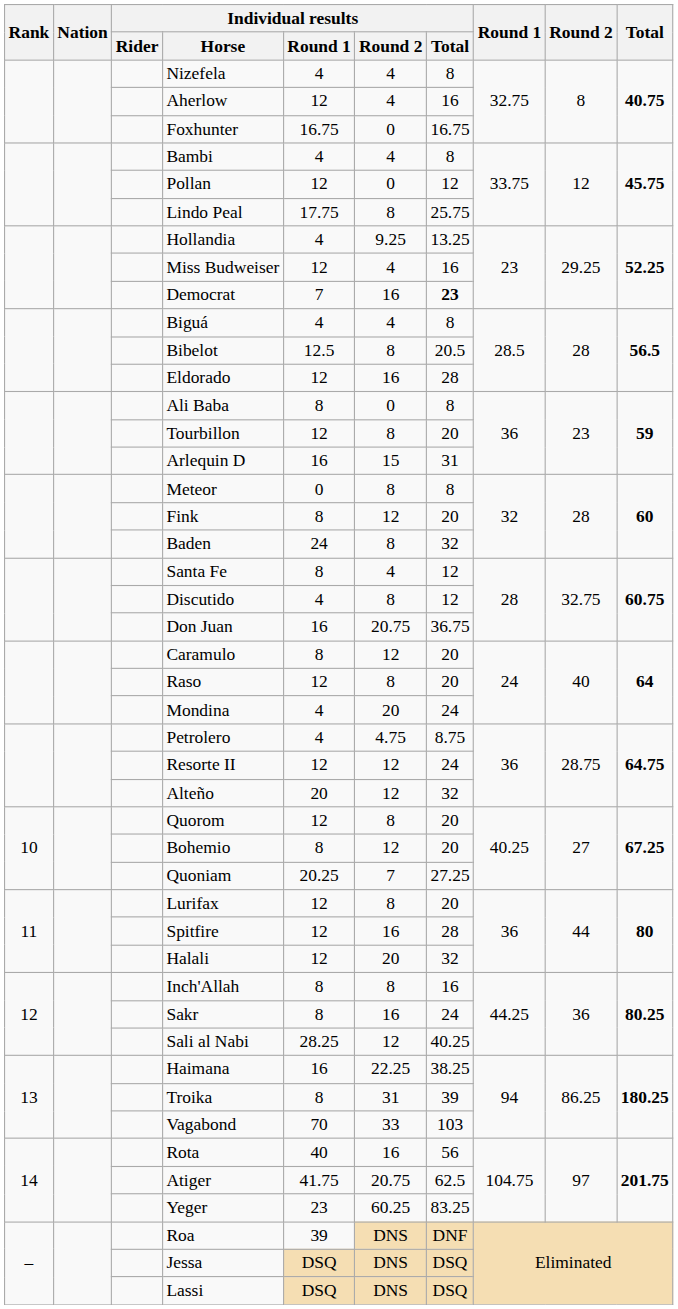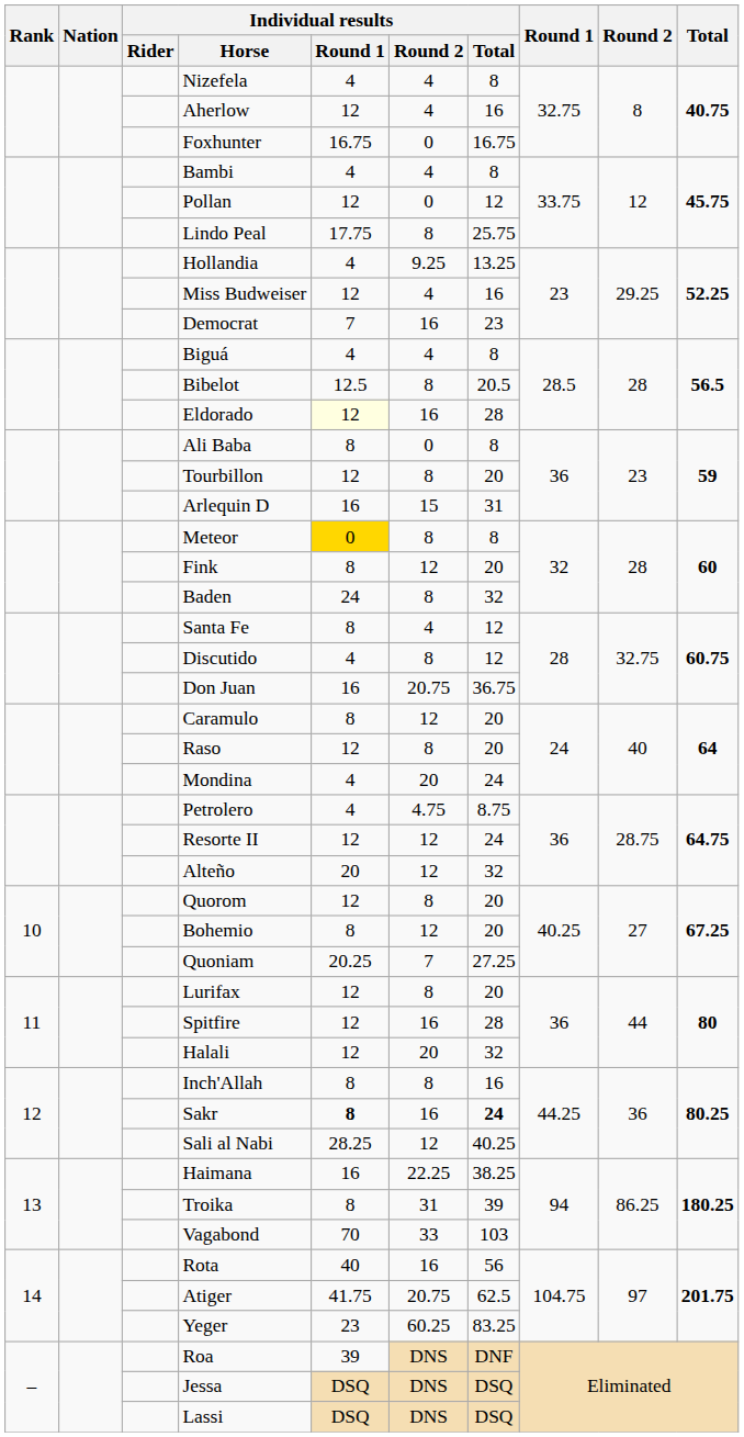 <table class="wikitable sortable" style="text-align:center">
 <tr>
 <th rowspan=2>Rank</th>
 <th rowspan=2>Nation</th>
 <th colspan=5>Individual results</th>
 <th rowspan=2>Round 1</th>
 <th rowspan=2>Round 2</th>
 <th rowspan=2>Total</th>
 </tr>
 <tr>
 <th>Rider</th>
 <th>Horse</th>
 <th>Round 1</th>
 <th>Round 2</th>
 <th>Total</th>
 </tr>
 <tr>
 <td rowspan=3></td>
 <td rowspan=3 align=left></td>
 <td align=left></td>
 <td align=left>Nizefela</td>
 <td>4</td>
 <td>4</td>
 <td>8</td>
 <td rowspan=3>32.75</td>
 <td rowspan=3>8</td>
 <td rowspan=3><strong>40.75</strong></td>
 </tr>
 <tr>
 <td align=left></td>
 <td align=left>Aherlow</td>
 <td>12</td>
 <td>4</td>
 <td>16</td>
 </tr>
 <tr>
 <td align=left></td>
 <td align=left>Foxhunter</td>
 <td>16.75</td>
 <td>0</td>
 <td>16.75</td>
 </tr>
 <tr>
 <td rowspan=3></td>
 <td rowspan=3 align=left></td>
 <td align=left></td>
 <td align=left>Bambi</td>
 <td>4</td>
 <td>4</td>
 <td>8</td>
 <td rowspan=3>33.75</td>
 <td rowspan=3>12</td>
 <td rowspan=3><strong>45.75</strong></td>
 </tr>
 <tr>
 <td align=left></td>
 <td align=left>Pollan</td>
 <td>12</td>
 <td>0</td>
 <td>12</td>
 </tr>
 <tr>
 <td align=left></td>
 <td align=left>Lindo Peal</td>
 <td>17.75</td>
 <td>8</td>
 <td>25.75</td>
 </tr>
 <tr>
 <td rowspan=3></td>
 <td rowspan=3 align=left></td>
 <td align=left></td>
 <td align=left>Hollandia</td>
 <td>4</td>
 <td>9.25</td>
 <td>13.25</td>
 <td rowspan=3>23</td>
 <td rowspan=3>29.25</td>
 <td rowspan=3><strong>52.25</strong></td>
 </tr>
 <tr>
 <td align=left></td>
 <td align=left>Miss Budweiser</td>
 <td>12</td>
 <td>4</td>
 <td>16</td>
 </tr>
 <tr>
 <td align=left></td>
 <td align=left>Democrat</td>
 <td>7</td>
 <td>16</td>
-<td><strong>23</strong></td>
+<td>23</td>
 </tr>
 <tr>
 <td rowspan=3></td>
 <td rowspan=3 align=left></td>
 <td align=left></td>
 <td align=left>Biguá</td>
 <td>4</td>
 <td>4</td>
 <td>8</td>
 <td rowspan=3>28.5</td>
 <td rowspan=3>28</td>
 <td rowspan=3><strong>56.5</strong></td>
 </tr>
 <tr>
 <td align=left></td>
 <td align=left>Bibelot</td>
 <td>12.5</td>
 <td>8</td>
 <td>20.5</td>
 </tr>
 <tr>
 <td align=left></td>
 <td align=left>Eldorado</td>
-<td>12</td>
+<td style="background: lightyellow;">12</td>
 <td>16</td>
 <td>28</td>
 </tr>
 <tr>
 <td rowspan=3></td>
 <td rowspan=3 align=left></td>
 <td align=left></td>
 <td align=left>Ali Baba</td>
 <td>8</td>
 <td>0</td>
 <td>8</td>
 <td rowspan=3>36</td>
 <td rowspan=3>23</td>
 <td rowspan=3><strong>59</strong></td>
 </tr>
 <tr>
 <td align=left></td>
 <td align=left>Tourbillon</td>
 <td>12</td>
 <td>8</td>
 <td>20</td>
 </tr>
 <tr>
 <td align=left></td>
 <td align=left>Arlequin D</td>
 <td>16</td>
 <td>15</td>
 <td>31</td>
 </tr>
 <tr>
 <td rowspan=3></td>
 <td rowspan=3 align=left></td>
 <td align=left></td>
 <td align=left>Meteor</td>
-<td>0</td>
+<td style="background: gold;">0</td>
 <td>8</td>
 <td>8</td>
 <td rowspan=3>32</td>
 <td rowspan=3>28</td>
 <td rowspan=3><strong>60</strong></td>
 </tr>
 <tr>
 <td align=left></td>
 <td align=left>Fink</td>
 <td>8</td>
 <td>12</td>
 <td>20</td>
 </tr>
 <tr>
 <td align=left></td>
 <td align=left>Baden</td>
 <td>24</td>
 <td>8</td>
 <td>32</td>
 </tr>
 <tr>
 <td rowspan=3></td>
 <td rowspan=3 align=left></td>
 <td align=left></td>
 <td align=left>Santa Fe</td>
 <td>8</td>
 <td>4</td>
 <td>12</td>
 <td rowspan=3>28</td>
 <td rowspan=3>32.75</td>
 <td rowspan=3><strong>60.75</strong></td>
 </tr>
 <tr>
 <td align=left></td>
 <td align=left>Discutido</td>
 <td>4</td>
 <td>8</td>
 <td>12</td>
 </tr>
 <tr>
 <td align=left></td>
 <td align=left>Don Juan</td>
 <td>16</td>
 <td>20.75</td>
 <td>36.75</td>
 </tr>
 <tr>
 <td rowspan=3></td>
 <td rowspan=3 align=left></td>
 <td align=left></td>
 <td align=left>Caramulo</td>
 <td>8</td>
 <td>12</td>
 <td>20</td>
 <td rowspan=3>24</td>
 <td rowspan=3>40</td>
 <td rowspan=3><strong>64</strong></td>
 </tr>
 <tr>
 <td align=left></td>
 <td align=left>Raso</td>
 <td>12</td>
 <td>8</td>
 <td>20</td>
 </tr>
 <tr>
 <td align=left></td>
 <td align=left>Mondina</td>
 <td>4</td>
 <td>20</td>
 <td>24</td>
 </tr>
 <tr>
 <td rowspan=3></td>
 <td rowspan=3 align=left></td>
 <td align=left></td>
 <td align=left>Petrolero</td>
 <td>4</td>
 <td>4.75</td>
 <td>8.75</td>
 <td rowspan=3>36</td>
 <td rowspan=3>28.75</td>
 <td rowspan=3><strong>64.75</strong></td>
 </tr>
 <tr>
 <td align=left></td>
 <td align=left>Resorte II</td>
 <td>12</td>
 <td>12</td>
 <td>24</td>
 </tr>
 <tr>
 <td align=left></td>
 <td align=left>Alteño</td>
 <td>20</td>
 <td>12</td>
 <td>32</td>
 </tr>
 <tr>
 <td rowspan=3>10</td>
 <td rowspan=3 align=left></td>
 <td align=left></td>
 <td align=left>Quorom</td>
 <td>12</td>
 <td>8</td>
 <td>20</td>
 <td rowspan=3>40.25</td>
 <td rowspan=3>27</td>
 <td rowspan=3><strong>67.25</strong></td>
 </tr>
 <tr>
 <td align=left></td>
 <td align=left>Bohemio</td>
 <td>8</td>
 <td>12</td>
 <td>20</td>
 </tr>
 <tr>
 <td align=left></td>
 <td align=left>Quoniam</td>
 <td>20.25</td>
 <td>7</td>
 <td>27.25</td>
 </tr>
 <tr>
 <td rowspan=3>11</td>
 <td rowspan=3 align=left></td>
 <td align=left></td>
 <td align=left>Lurifax</td>
 <td>12</td>
 <td>8</td>
 <td>20</td>
 <td rowspan=3>36</td>
 <td rowspan=3>44</td>
 <td rowspan=3><strong>80</strong></td>
 </tr>
 <tr>
 <td align=left></td>
 <td align=left>Spitfire</td>
 <td>12</td>
 <td>16</td>
 <td>28</td>
 </tr>
 <tr>
 <td align=left></td>
 <td align=left>Halali</td>
 <td>12</td>
 <td>20</td>
 <td>32</td>
 </tr>
 <tr>
 <td rowspan=3>12</td>
 <td rowspan=3 align=left></td>
 <td align=left></td>
 <td align=left>Inch'Allah</td>
 <td>8</td>
 <td>8</td>
 <td>16</td>
 <td rowspan=3>44.25</td>
 <td rowspan=3>36</td>
 <td rowspan=3><strong>80.25</strong></td>
 </tr>
 <tr>
 <td align=left></td>
 <td align=left>Sakr</td>
-<td>8</td>
+<td><strong>8</strong></td>
 <td>16</td>
-<td>24</td>
+<td><strong>24</strong></td>
 </tr>
 <tr>
 <td align=left></td>
 <td align=left>Sali al Nabi</td>
 <td>28.25</td>
 <td>12</td>
 <td>40.25</td>
 </tr>
 <tr>
 <td rowspan=3>13</td>
 <td rowspan=3 align=left></td>
 <td align=left></td>
 <td align=left>Haimana</td>
 <td>16</td>
 <td>22.25</td>
 <td>38.25</td>
 <td rowspan=3>94</td>
 <td rowspan=3>86.25</td>
 <td rowspan=3><strong>180.25</strong></td>
 </tr>
 <tr>
 <td align=left></td>
 <td align=left>Troika</td>
 <td>8</td>
 <td>31</td>
 <td>39</td>
 </tr>
 <tr>
 <td align=left></td>
 <td align=left>Vagabond</td>
 <td>70</td>
 <td>33</td>
 <td>103</td>
 </tr>
 <tr>
 <td rowspan=3>14</td>
 <td rowspan=3 align=left></td>
 <td align=left></td>
 <td align=left>Rota</td>
 <td>40</td>
 <td>16</td>
 <td>56</td>
 <td rowspan=3>104.75</td>
 <td rowspan=3>97</td>
 <td rowspan=3><strong>201.75</strong></td>
 </tr>
 <tr>
 <td align=left></td>
 <td align=left>Atiger</td>
 <td>41.75</td>
 <td>20.75</td>
 <td>62.5</td>
 </tr>
 <tr>
 <td align=left></td>
 <td align=left>Yeger</td>
 <td>23</td>
 <td>60.25</td>
 <td>83.25</td>
 </tr>
 <tr>
 <td rowspan=3>–</td>
 <td rowspan=3 align=left></td>
 <td align=left></td>
 <td align=left>Roa</td>
 <td>39</td>
 <td bgcolor=wheat>DNS</td>
 <td bgcolor=wheat>DNF</td>
 <td rowspan=3 colspan=3 bgcolor=wheat>Eliminated</td>
 </tr>
 <tr>
 <td align=left></td>
 <td align=left>Jessa</td>
 <td bgcolor=wheat>DSQ</td>
 <td bgcolor=wheat>DNS</td>
 <td bgcolor=wheat>DSQ</td>
 </tr>
 <tr>
 <td align=left></td>
 <td align=left>Lassi</td>
 <td bgcolor=wheat>DSQ</td>
 <td bgcolor=wheat>DNS</td>
 <td bgcolor=wheat>DSQ</td>
 </tr>
 </table>
